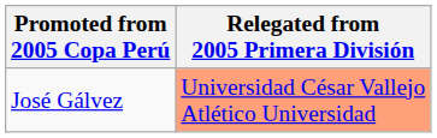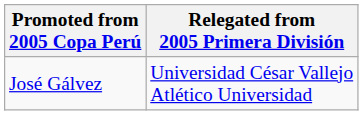 <table class="wikitable">
 <tr>
 <th>Promoted from<br><a href='#'>2005 Copa Perú</a></th>
 <th>Relegated from<br><a href='#'>2005 Primera División</a></th>
 </tr>
 <tr>
 <td> <a href='#'>José Gálvez</a> </td>
-<td style="background: lightsalmon;"> <a href='#'>Universidad César Vallejo</a> <br> <a href='#'>Atlético Universidad</a> </td>
+<td> <a href='#'>Universidad César Vallejo</a> <br> <a href='#'>Atlético Universidad</a> </td>
 </tr>
 </table>
